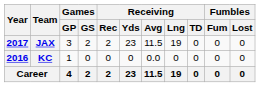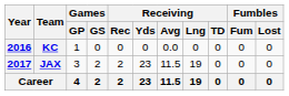 <table class="wikitable" style="text-align:center;">
 <tr>
 <th rowspan="2">Year</th>
 <th rowspan="2">Team</th>
 <th colspan="2">Games</th>
 <th colspan="5">Receiving</th>
 <th colspan="2">Fumbles</th>
 </tr>
 <tr>
 <th>GP</th>
 <th>GS</th>
 <th>Rec</th>
 <th>Yds</th>
 <th>Avg</th>
 <th>Lng</th>
 <th>TD</th>
 <th>Fum</th>
 <th>Lost</th>
 </tr>
 <tr>
+<th><a href='#'>2016</a></th>
+<th><a href='#'>KC</a></th>
+<td>1</td>
+<td>0</td>
+<td>0</td>
+<td>0</td>
+<td>0.0</td>
+<td>0</td>
+<td>0</td>
+<td>0</td>
+<td>0</td>
+</tr>
+<tr>
 <th><a href='#'>2017</a></th>
 <th><a href='#'>JAX</a></th>
 <td>3</td>
 <td>2</td>
 <td>2</td>
 <td>23</td>
 <td>11.5</td>
 <td>19</td>
-<td>0</td>
-<td>0</td>
-<td>0</td>
-</tr>
-<tr>
-<th><a href='#'>2016</a></th>
-<th><a href='#'>KC</a></th>
-<td>1</td>
-<td>0</td>
-<td>0</td>
-<td>0</td>
-<td>0.0</td>
-<td>0</td>
 <td>0</td>
 <td>0</td>
 <td>0</td>
 </tr>
 <tr>
 <th colspan="2">Career</th>
 <th>4</th>
 <th>2</th>
 <th>2</th>
 <th>23</th>
 <th>11.5</th>
 <th>19</th>
 <th>0</th>
 <th>0</th>
 <th>0</th>
 </tr>
 </table>
